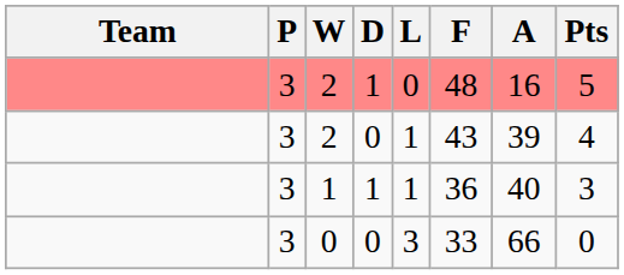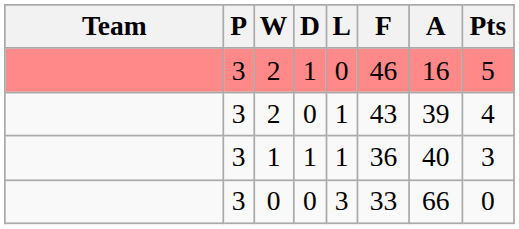 <table class="wikitable" style="text-align:center;">
 <tr>
 <th width="120px">Team</th>
 <th>P</th>
 <th>W</th>
 <th>D</th>
 <th>L</th>
 <th width="23px">F</th>
 <th width="23px">A</th>
 <th width="23px">Pts</th>
 </tr>
 <tr bgcolor="#FF8888">
 <td></td>
 <td>3</td>
 <td>2</td>
 <td>1</td>
 <td>0</td>
-<td>48</td>
+<td>46</td>
 <td>16</td>
 <td>5</td>
 </tr>
 <tr>
 <td></td>
 <td>3</td>
 <td>2</td>
 <td>0</td>
 <td>1</td>
 <td>43</td>
 <td>39</td>
 <td>4</td>
 </tr>
 <tr>
 <td></td>
 <td>3</td>
 <td>1</td>
 <td>1</td>
 <td>1</td>
 <td>36</td>
 <td>40</td>
 <td>3</td>
 </tr>
 <tr>
 <td></td>
 <td>3</td>
 <td>0</td>
 <td>0</td>
 <td>3</td>
 <td>33</td>
 <td>66</td>
 <td>0</td>
 </tr>
 </table>
